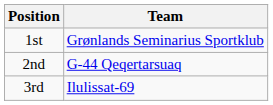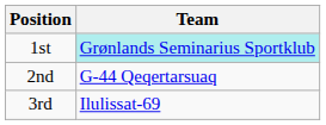 <table class="wikitable">
 <tr>
 <th>Position</th>
 <th>Team</th>
 </tr>
 <tr>
 <td style="text-align:center">1st</td>
-<td><a href='#'>Grønlands Seminarius Sportklub</a></td>
+<td style="background: paleturquoise;"><a href='#'>Grønlands Seminarius Sportklub</a></td>
 </tr>
 <tr>
 <td style="text-align:center">2nd</td>
 <td><a href='#'>G-44 Qeqertarsuaq</a></td>
 </tr>
 <tr>
 <td style="text-align:center">3rd</td>
 <td><a href='#'>Ilulissat-69</a></td>
 </tr>
 </table>
